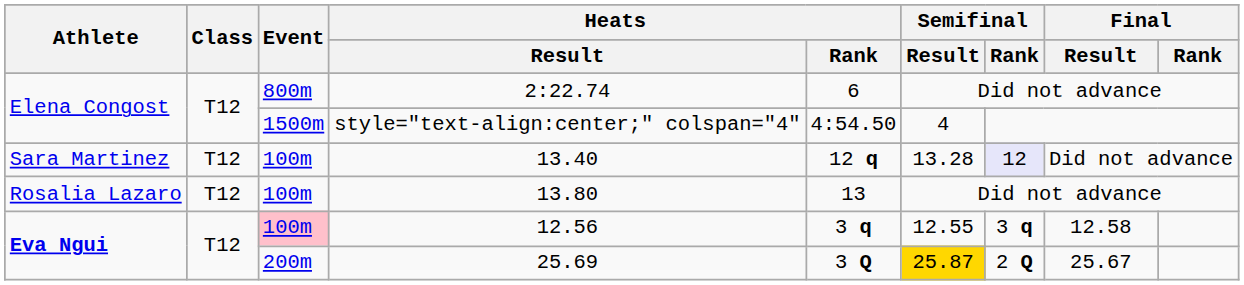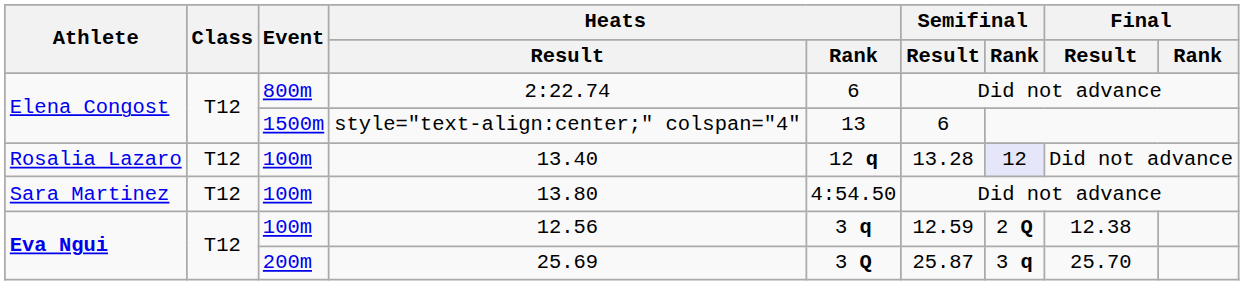 <table class=wikitable style="font-size:90%">
 <tr>
 <th rowspan="2">Athlete</th>
 <th rowspan="2">Class</th>
 <th rowspan="2">Event</th>
 <th colspan="2">Heats</th>
 <th colspan="2">Semifinal</th>
 <th colspan="2">Final</th>
 </tr>
 <tr>
 <th>Result</th>
 <th>Rank</th>
 <th>Result</th>
 <th>Rank</th>
 <th>Result</th>
 <th>Rank</th>
 </tr>
 <tr>
 <td rowspan="2"><a href='#'>Elena Congost</a></td>
 <td rowspan="2" style="text-align:center;">T12</td>
 <td><a href='#'>800m</a></td>
 <td style="text-align:center;">2:22.74</td>
 <td style="text-align:center;">6</td>
 <td style="text-align:center;" colspan="4">Did not advance</td>
 </tr>
 <tr>
 <td><a href='#'>1500m</a></td>
 <td>style="text-align:center;" colspan="4" </td>
-<td style="text-align:center;">4:54.50</td>
-<td style="text-align:center;">4</td>
+<td style="text-align:center;">13</td>
+<td style="text-align:center;">6</td>
 </tr>
 <tr>
-<td><a href='#'>Sara Martinez</a></td>
+<td><a href='#'>Rosalia Lazaro</a></td>
 <td style="text-align:center;">T12</td>
 <td><a href='#'>100m</a></td>
 <td style="text-align:center;">13.40</td>
 <td style="text-align:center;">12 <strong>q</strong></td>
 <td style="text-align:center;">13.28</td>
 <td style="background: lavender; text-align:center;">12</td>
 <td style="text-align:center;" colspan="2">Did not advance</td>
 </tr>
 <tr>
-<td><a href='#'>Rosalia Lazaro</a></td>
+<td><a href='#'>Sara Martinez</a></td>
 <td style="text-align:center;">T12</td>
 <td><a href='#'>100m</a></td>
 <td style="text-align:center;">13.80</td>
-<td style="text-align:center;">13</td>
+<td style="text-align:center;">4:54.50</td>
 <td style="text-align:center;" colspan="4">Did not advance</td>
 </tr>
 <tr>
 <td rowspan="2"><strong><a href='#'>Eva Ngui</a></strong></td>
 <td rowspan="2" style="text-align:center;">T12</td>
-<td style="background: pink;"><a href='#'>100m</a></td>
+<td><a href='#'>100m</a></td>
 <td style="text-align:center;">12.56</td>
 <td style="text-align:center;">3 <strong>q</strong></td>
-<td style="text-align:center;">12.55</td>
-<td style="text-align:center;">3 <strong>q</strong></td>
-<td style="text-align:center;">12.58</td>
+<td style="text-align:center;">12.59</td>
+<td style="text-align:center;">2 <strong>Q</strong></td>
+<td style="text-align:center;">12.38</td>
 <td style="text-align:center;"></td>
 </tr>
 <tr>
 <td><a href='#'>200m</a></td>
 <td style="text-align:center;">25.69</td>
 <td style="text-align:center;">3 <strong>Q</strong></td>
-<td style="background: gold; text-align:center;">25.87</td>
-<td style="text-align:center;">2 <strong>Q</strong></td>
-<td style="text-align:center;">25.67</td>
+<td style="text-align:center;">25.87</td>
+<td style="text-align:center;">3 <strong>q</strong></td>
+<td style="text-align:center;">25.70</td>
 <td style="text-align:center;"></td>
 </tr>
 </table>
